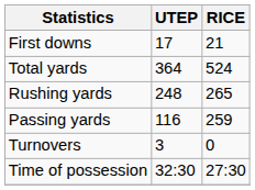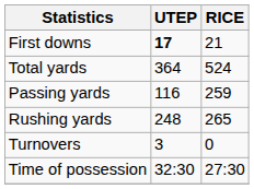 <table class="wikitable">
 <tr>
 <th>Statistics</th>
 <th>UTEP</th>
 <th>RICE</th>
 </tr>
 <tr>
 <td>First downs</td>
-<td>17</td>
+<td><strong>17</strong></td>
 <td>21</td>
 </tr>
 <tr>
 <td>Total yards</td>
 <td>364</td>
 <td>524</td>
 </tr>
 <tr>
+<td>Passing yards</td>
+<td>116</td>
+<td>259</td>
+</tr>
+<tr>
 <td>Rushing yards</td>
 <td>248</td>
 <td>265</td>
-</tr>
-<tr>
-<td>Passing yards</td>
-<td>116</td>
-<td>259</td>
 </tr>
 <tr>
 <td>Turnovers</td>
 <td>3</td>
 <td>0</td>
 </tr>
 <tr>
 <td>Time of possession</td>
 <td>32:30</td>
 <td>27:30</td>
 </tr>
 <tr>
 </tr>
 </table>
